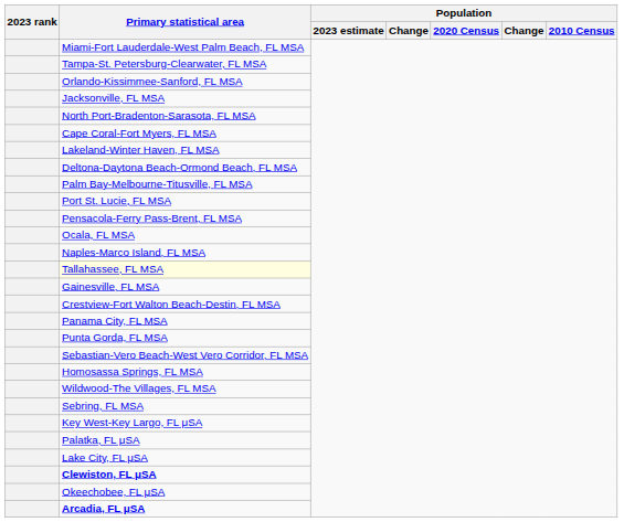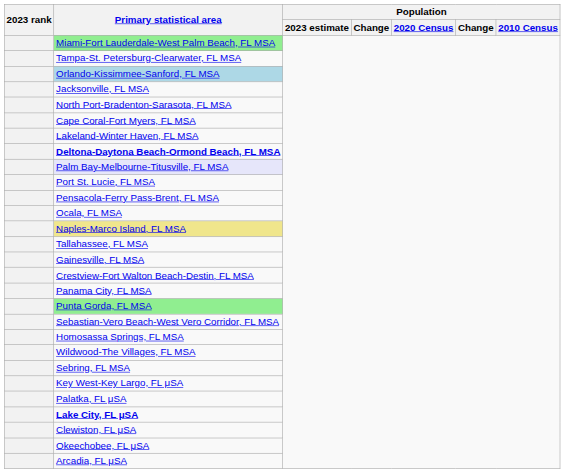 <table class="wikitable sortable">
 <tr>
 <th scope=col rowspan=2>2023 rank</th>
 <th scope=col rowspan=2><a href='#'>Primary statistical area</a></th>
 <th colspan=5>Population</th>
 </tr>
 <tr>
 <th scope=col>2023 estimate</th>
 <th scope=col>Change</th>
 <th scope=col><a href='#'>2020 Census</a></th>
 <th scope=col>Change</th>
 <th scope=col><a href='#'>2010 Census</a></th>
 </tr>
 <tr>
 <th scope=row></th>
-<td><a href='#'>Miami-Fort Lauderdale-West Palm Beach, FL MSA</a><br></td>
+<td style="background: lightgreen;"><a href='#'>Miami-Fort Lauderdale-West Palm Beach, FL MSA</a><br></td>
 </tr>
 <tr>
 <th scope=row></th>
 <td><a href='#'>Tampa-St. Petersburg-Clearwater, FL MSA</a><br></td>
 </tr>
 <tr>
 <th scope=row></th>
-<td><a href='#'>Orlando-Kissimmee-Sanford, FL MSA</a><br></td>
+<td style="background: lightblue;"><a href='#'>Orlando-Kissimmee-Sanford, FL MSA</a><br></td>
 </tr>
 <tr>
 <th scope=row></th>
 <td><a href='#'>Jacksonville, FL MSA</a><br></td>
 </tr>
 <tr>
 <th scope=row></th>
 <td><a href='#'>North Port-Bradenton-Sarasota, FL MSA</a><br></td>
 </tr>
 <tr>
 <th scope=row></th>
 <td><a href='#'>Cape Coral-Fort Myers, FL MSA</a><br></td>
 </tr>
 <tr>
 <th scope=row></th>
 <td><a href='#'>Lakeland-Winter Haven, FL MSA</a><br></td>
 </tr>
 <tr>
 <th scope=row></th>
-<td><a href='#'>Deltona-Daytona Beach-Ormond Beach, FL MSA</a><br></td>
+<td><strong><a href='#'>Deltona-Daytona Beach-Ormond Beach, FL MSA</a><br></strong></td>
 </tr>
 <tr>
 <th scope=row></th>
-<td><a href='#'>Palm Bay-Melbourne-Titusville, FL MSA</a><br></td>
+<td style="background: lavender;"><a href='#'>Palm Bay-Melbourne-Titusville, FL MSA</a><br></td>
 </tr>
 <tr>
 <th scope=row></th>
 <td><a href='#'>Port St. Lucie, FL MSA</a><br></td>
 </tr>
 <tr>
 <th scope=row></th>
 <td><a href='#'>Pensacola-Ferry Pass-Brent, FL MSA</a><br></td>
 </tr>
 <tr>
 <th scope=row></th>
 <td><a href='#'>Ocala, FL MSA</a><br></td>
 </tr>
 <tr>
 <th scope=row></th>
-<td><a href='#'>Naples-Marco Island, FL MSA</a><br></td>
+<td style="background: khaki;"><a href='#'>Naples-Marco Island, FL MSA</a><br></td>
 </tr>
 <tr>
 <th scope=row></th>
-<td style="background: lightyellow;"><a href='#'>Tallahassee, FL MSA</a><br></td>
+<td><a href='#'>Tallahassee, FL MSA</a><br></td>
 </tr>
 <tr>
 <th scope=row></th>
 <td><a href='#'>Gainesville, FL MSA</a><br></td>
 </tr>
 <tr>
 <th scope=row></th>
 <td><a href='#'>Crestview-Fort Walton Beach-Destin, FL MSA</a><br></td>
 </tr>
 <tr>
 <th scope=row></th>
 <td><a href='#'>Panama City, FL MSA</a><br></td>
 </tr>
 <tr>
 <th scope=row></th>
-<td><a href='#'>Punta Gorda, FL MSA</a><br></td>
+<td style="background: lightgreen;"><a href='#'>Punta Gorda, FL MSA</a><br></td>
 </tr>
 <tr>
 <th scope=row></th>
 <td><a href='#'>Sebastian-Vero Beach-West Vero Corridor, FL MSA</a><br></td>
 </tr>
 <tr>
 <th scope=row></th>
 <td><a href='#'>Homosassa Springs, FL MSA</a><br></td>
 </tr>
 <tr>
 <th scope=row></th>
 <td><a href='#'>Wildwood-The Villages, FL MSA</a><br></td>
 </tr>
 <tr>
 <th scope=row></th>
 <td><a href='#'>Sebring, FL MSA</a><br></td>
 </tr>
 <tr>
 <th scope=row></th>
 <td><a href='#'>Key West-Key Largo, FL μSA</a><br></td>
 </tr>
 <tr>
 <th scope=row></th>
 <td><a href='#'>Palatka, FL μSA</a><br></td>
 </tr>
 <tr>
 <th scope=row></th>
-<td><a href='#'>Lake City, FL μSA</a><br></td>
+<td><strong><a href='#'>Lake City, FL μSA</a><br></strong></td>
 </tr>
 <tr>
 <th scope=row></th>
-<td><strong><a href='#'>Clewiston, FL μSA</a><br></strong></td>
+<td><a href='#'>Clewiston, FL μSA</a><br></td>
 </tr>
 <tr>
 <th scope=row></th>
 <td><a href='#'>Okeechobee, FL μSA</a><br></td>
 </tr>
 <tr>
 <th scope=row></th>
-<td><strong><a href='#'>Arcadia, FL μSA</a><br></strong></td>
+<td><a href='#'>Arcadia, FL μSA</a><br></td>
 </tr>
 </table>
